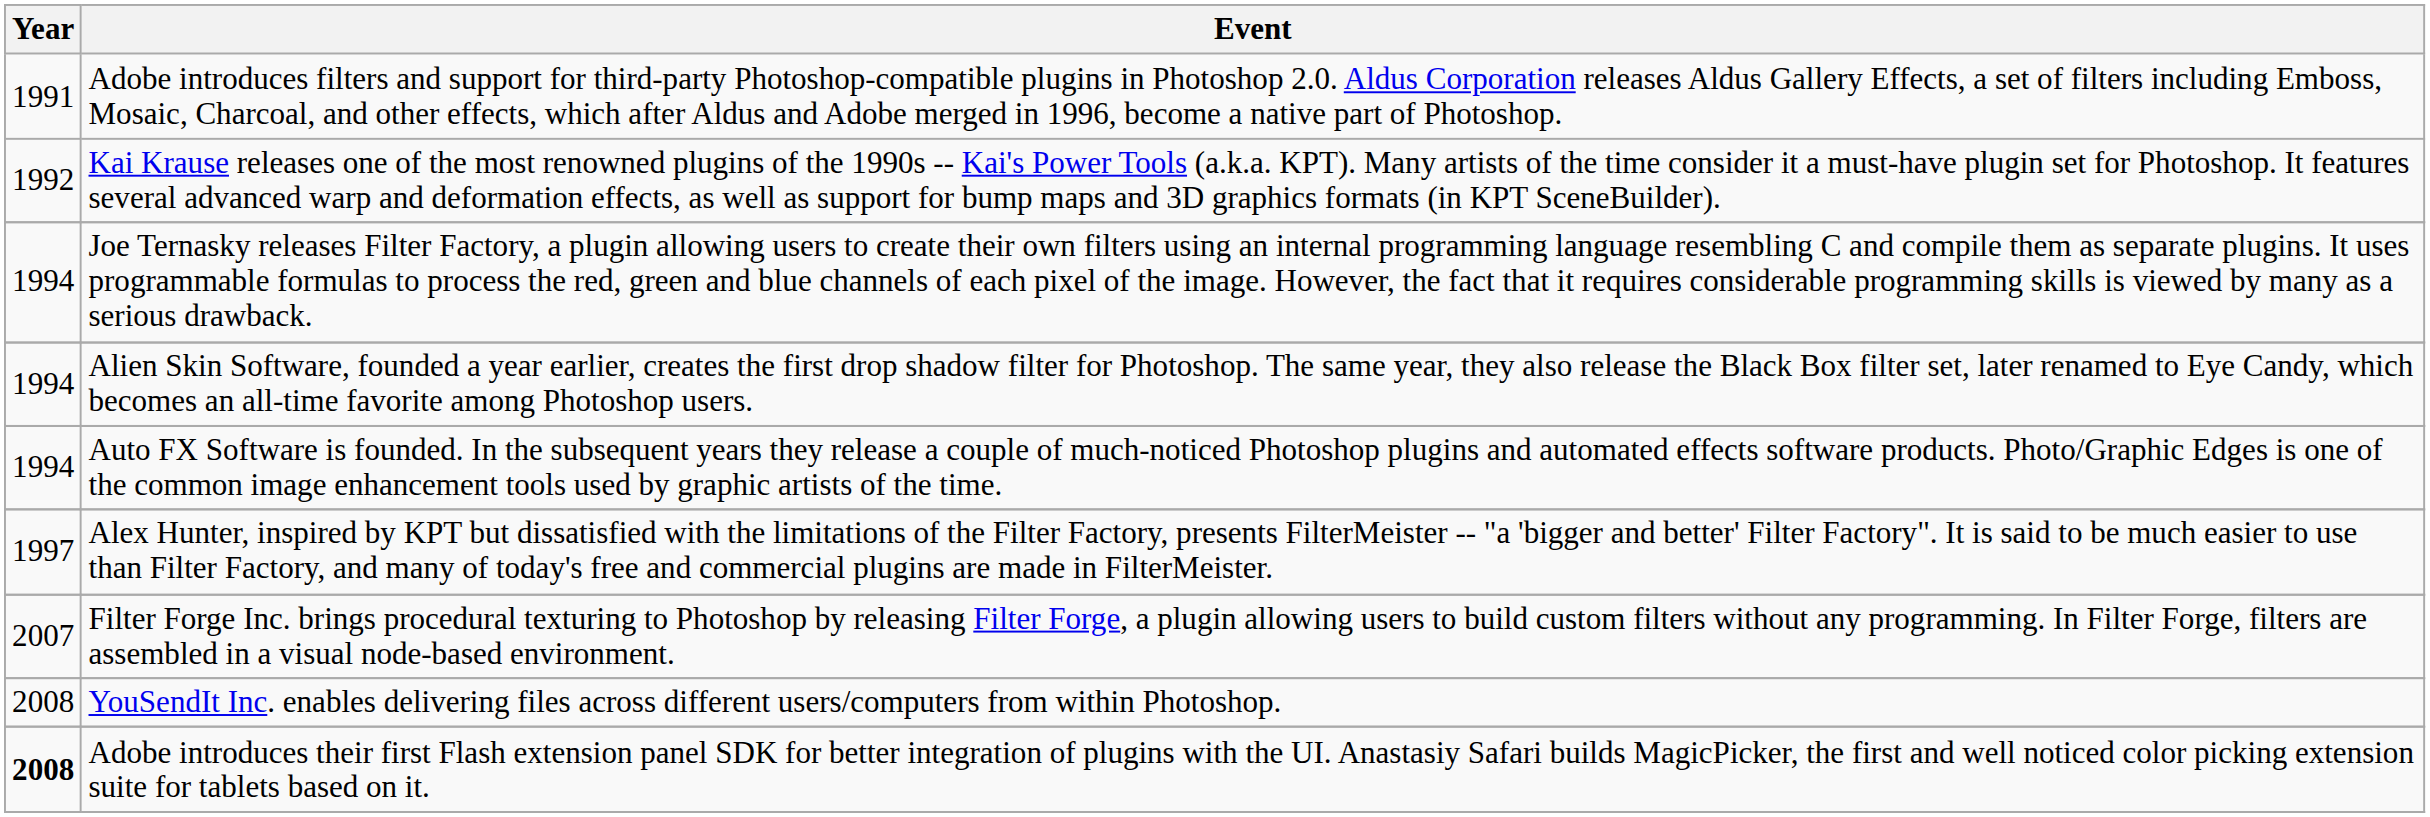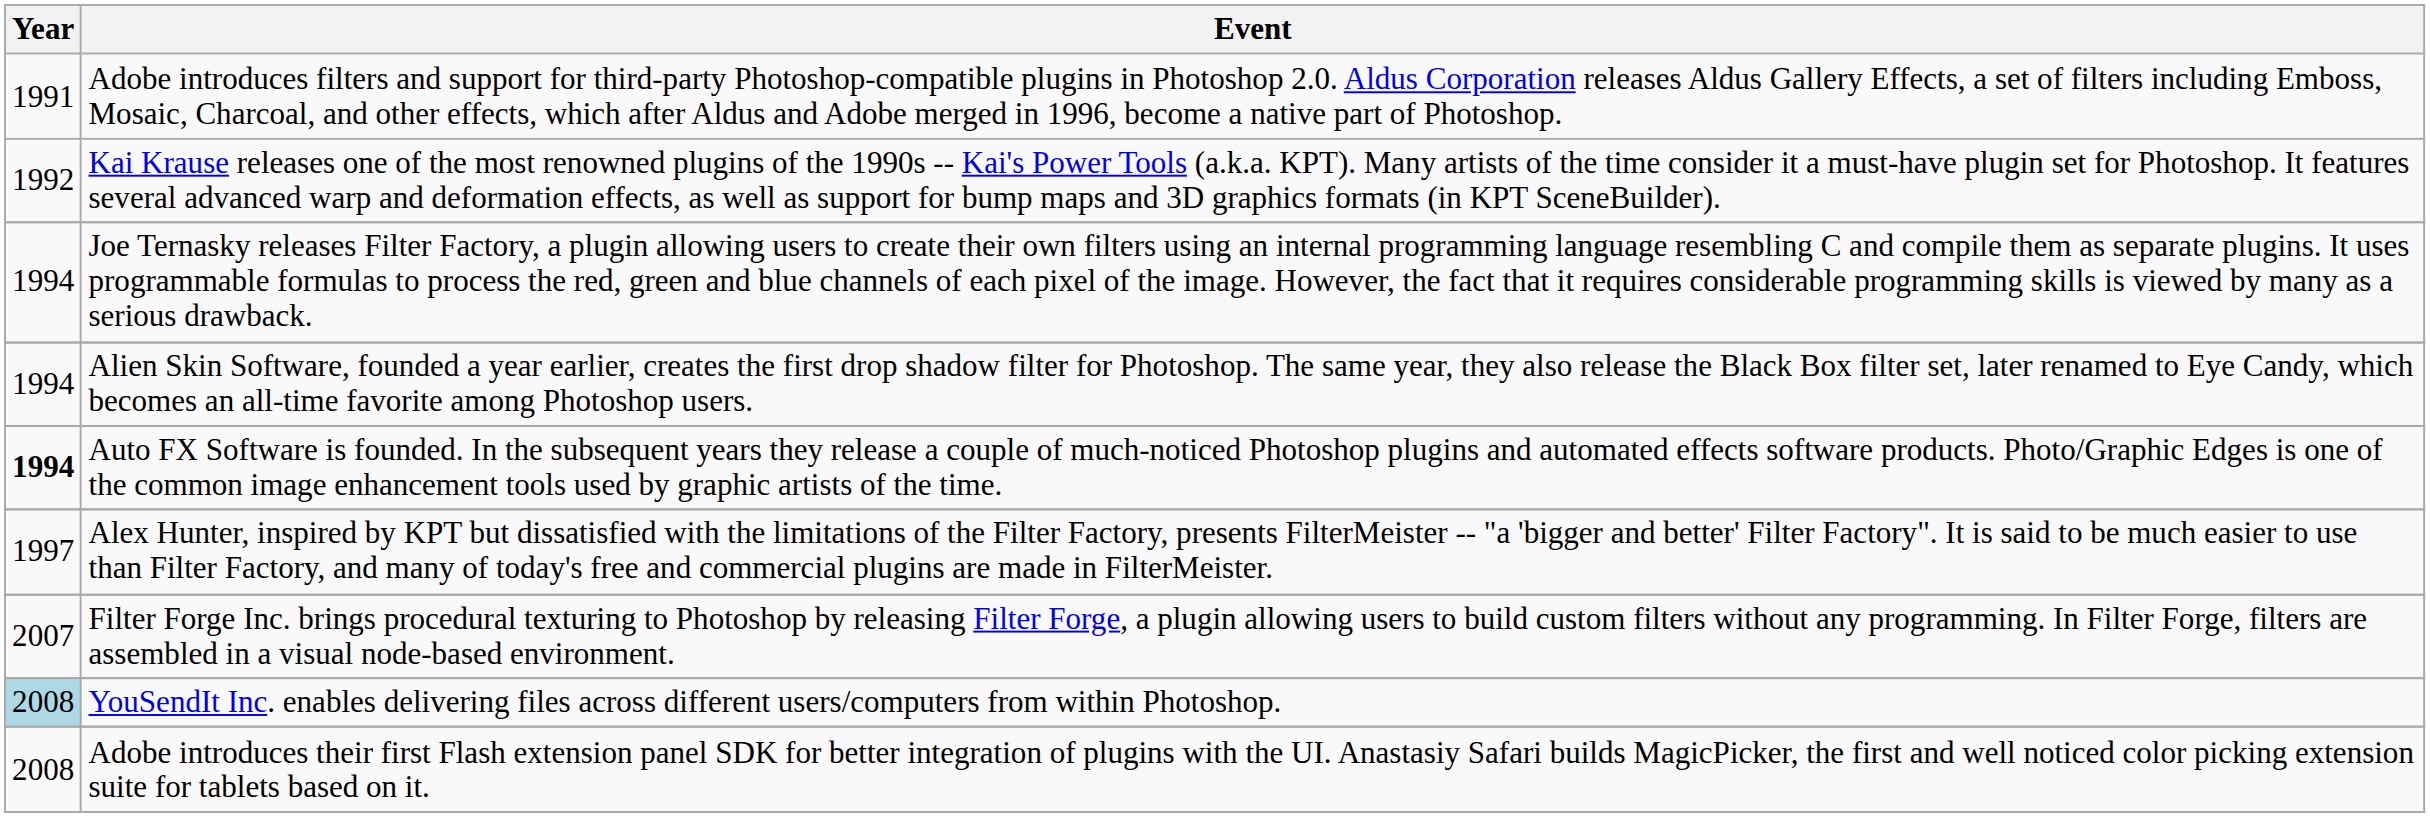 <table class="wikitable">
 <tr>
 <th>Year</th>
 <th>Event</th>
 </tr>
 <tr>
 <td>1991</td>
 <td>Adobe introduces filters and support for third-party Photoshop-compatible plugins in Photoshop 2.0. <a href='#'>Aldus Corporation</a> releases Aldus Gallery Effects, a set of filters including Emboss, Mosaic, Charcoal, and other effects, which after Aldus and Adobe merged in 1996, become a native part of Photoshop.</td>
 </tr>
 <tr>
 <td>1992</td>
 <td><a href='#'>Kai Krause</a> releases one of the most renowned plugins of the 1990s -- <a href='#'>Kai's Power Tools</a> (a.k.a. KPT). Many artists of the time consider it a must-have plugin set for Photoshop. It features several advanced warp and deformation effects, as well as support for bump maps and 3D graphics formats (in KPT SceneBuilder).</td>
 </tr>
 <tr>
 </tr>
 <tr>
 <td>1994</td>
 <td>Joe Ternasky releases Filter Factory, a plugin allowing users to create their own filters using an internal programming language resembling C and compile them as separate plugins. It uses programmable formulas to process the red, green and blue channels of each pixel of the image. However, the fact that it requires considerable programming skills is viewed by many as a serious drawback.</td>
 </tr>
 <tr>
 </tr>
 <tr>
 <td>1994</td>
 <td>Alien Skin Software, founded a year earlier, creates the first drop shadow filter for Photoshop. The same year, they also release the Black Box filter set, later renamed to Eye Candy, which becomes an all-time favorite among Photoshop users.</td>
 </tr>
 <tr>
 </tr>
 <tr>
-<td>1994</td>
+<td><strong>1994</strong></td>
 <td>Auto FX Software is founded. In the subsequent years they release a couple of much-noticed Photoshop plugins and automated effects software products. Photo/Graphic Edges is one of the common image enhancement tools used by graphic artists of the time.</td>
 </tr>
 <tr>
 </tr>
 <tr>
 <td>1997</td>
 <td>Alex Hunter, inspired by KPT but dissatisfied with the limitations of the Filter Factory, presents FilterMeister -- "a 'bigger and better' Filter Factory". It is said to be much easier to use than Filter Factory, and many of today's free and commercial plugins are made in FilterMeister.</td>
 </tr>
 <tr>
 </tr>
 <tr>
 <td>2007</td>
 <td>Filter Forge Inc. brings procedural texturing to Photoshop by releasing <a href='#'>Filter Forge</a>, a plugin allowing users to build custom filters without any programming. In Filter Forge, filters are assembled in a visual node-based environment.</td>
 </tr>
 <tr>
 </tr>
 <tr>
-<td>2008</td>
+<td style="background: lightblue;">2008</td>
 <td><a href='#'>YouSendIt Inc</a>. enables delivering files across different users/computers from within Photoshop.</td>
 </tr>
 <tr>
 </tr>
 <tr>
-<td><strong>2008</strong></td>
+<td>2008</td>
 <td>Adobe introduces their first Flash extension panel SDK for better integration of plugins with the UI. Anastasiy Safari builds MagicPicker, the first and well noticed color picking extension suite for tablets based on it.</td>
 </tr>
 <tr>
 </tr>
 </table>
